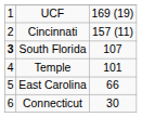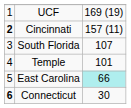 <table class="wikitable" style="display: inline-table;">
 <tr align="center">
 </tr>
 <tr align="center">
 <td>1</td>
 <td>UCF</td>
 <td>169 (19)</td>
 </tr>
 <tr align="center">
-<td>2</td>
+<td><strong>2</strong></td>
 <td>Cincinnati</td>
 <td>157 (11)</td>
 </tr>
 <tr align="center">
-<td><strong>3</strong></td>
+<td>3</td>
 <td>South Florida</td>
 <td>107</td>
 </tr>
 <tr align="center">
 <td>4</td>
 <td>Temple</td>
 <td>101</td>
 </tr>
 <tr align="center">
 <td>5</td>
 <td>East Carolina</td>
-<td>66</td>
+<td style="background: paleturquoise;">66</td>
 </tr>
 <tr align="center">
-<td>6</td>
+<td><strong>6</strong></td>
 <td>Connecticut</td>
 <td>30</td>
 </tr>
 </table>
